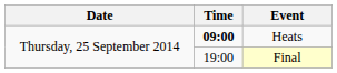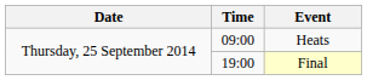 <table class = "wikitable" style="text-align:center;">
 <tr>
 <th width=220>Date</th>
 <th width=50>Time</th>
 <th width=100>Event</th>
 </tr>
 <tr>
 <td rowspan=2>Thursday, 25 September 2014</td>
-<td><strong>09:00</strong></td>
+<td>09:00</td>
 <td>Heats</td>
 </tr>
 <tr>
 <td>19:00</td>
 <td bgcolor=ffffcc>Final</td>
 </tr>
 </table>
